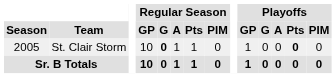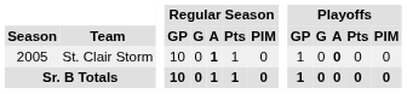 <table BORDER="0" CELLPADDING="3" CELLSPACING="0">
 <tr ALIGN="center" bgcolor="#e0e0e0">
 <th ALIGN="center" colspan="2" bgcolor="#ffffff"> </th>
 <th ALIGN="center" rowspan="99" bgcolor="#ffffff"> </th>
 <th ALIGN="center" colspan="5">Regular Season</th>
 <th ALIGN="center" rowspan="99" bgcolor="#ffffff"> </th>
 <th ALIGN="center" colspan="5">Playoffs</th>
 </tr>
 <tr ALIGN="center" bgcolor="#e0e0e0">
 <th ALIGN="center">Season</th>
 <th ALIGN="center">Team</th>
 <th ALIGN="center">GP</th>
 <th ALIGN="center">G</th>
 <th ALIGN="center">A</th>
 <th ALIGN="center">Pts</th>
 <th ALIGN="center">PIM</th>
 <th ALIGN="center">GP</th>
 <th ALIGN="center">G</th>
 <th ALIGN="center">A</th>
 <th ALIGN="center">Pts</th>
 <th ALIGN="center">PIM</th>
 </tr>
 <tr ALIGN="center" bgcolor="#f0f0f0">
 <td ALIGN="center">2005</td>
 <td ALIGN="center">St. Clair Storm</td>
 <td ALIGN="center">10</td>
-<td ALIGN="center"><strong>0</strong></td>
-<td ALIGN="center">1</td>
+<td ALIGN="center">0</td>
+<td ALIGN="center"><strong>1</strong></td>
 <td ALIGN="center">1</td>
 <td ALIGN="center">0</td>
 <td ALIGN="center">1</td>
 <td ALIGN="center">0</td>
+<td ALIGN="center"><strong>0</strong></td>
 <td ALIGN="center">0</td>
-<td ALIGN="center"><strong>0</strong></td>
 <td ALIGN="center">0</td>
 </tr>
 <tr ALIGN="center" bgcolor="#e0e0e0">
 <th colspan="2">Sr. B Totals</th>
 <th ALIGN="center">10</th>
 <th ALIGN="center">0</th>
 <th ALIGN="center">1</th>
 <th ALIGN="center">1</th>
 <th ALIGN="center">0</th>
 <th ALIGN="center">1</th>
 <th ALIGN="center">0</th>
 <th ALIGN="center">0</th>
 <th ALIGN="center">0</th>
 <th ALIGN="center">0</th>
 </tr>
 </table>
